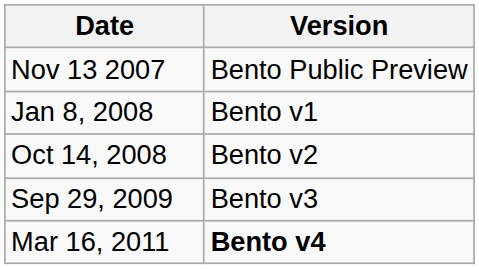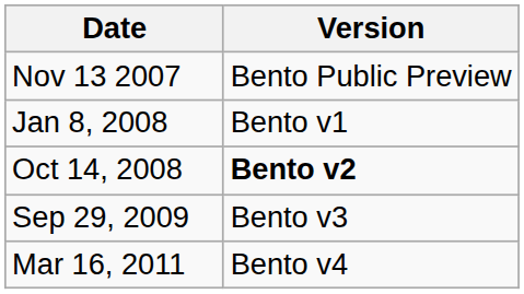 <table class="wikitable">
 <tr>
 <th width=110>Date</th>
 <th>Version</th>
 </tr>
 <tr>
 <td>Nov 13 2007</td>
 <td>Bento Public Preview</td>
 </tr>
 <tr>
 <td>Jan 8, 2008</td>
 <td>Bento v1</td>
 </tr>
 <tr>
 <td>Oct 14, 2008</td>
-<td>Bento v2</td>
+<td><strong>Bento v2</strong></td>
 </tr>
 <tr>
 <td>Sep 29, 2009</td>
 <td>Bento v3</td>
 </tr>
 <tr>
 <td>Mar 16, 2011</td>
-<td><strong>Bento v4</strong></td>
+<td>Bento v4</td>
 </tr>
 </table>
